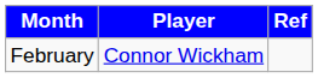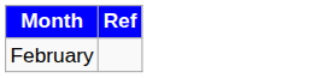 <table class="wikitable" style="text-align:center">
 <tr>
 <th style="background:blue; color:white; width=0%">Month</th>
-<th style="background:blue; color:white; width=0%">Player</th>
 <th style="background:blue; color:white; width=0%">Ref</th>
 </tr>
 <tr>
 <td>February</td>
-<td> <a href='#'>Connor Wickham</a></td>
 <td></td>
 </tr>
 </table>
